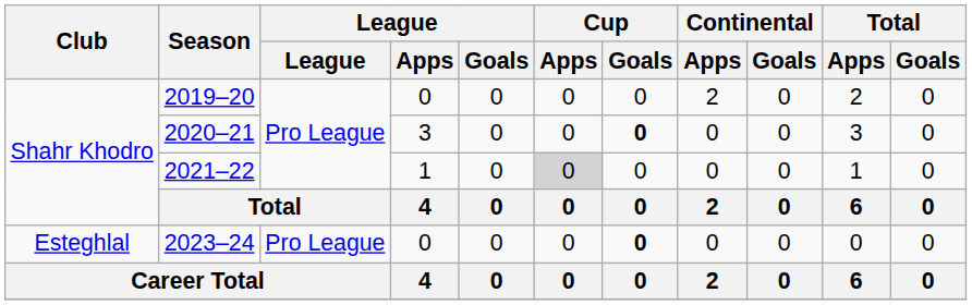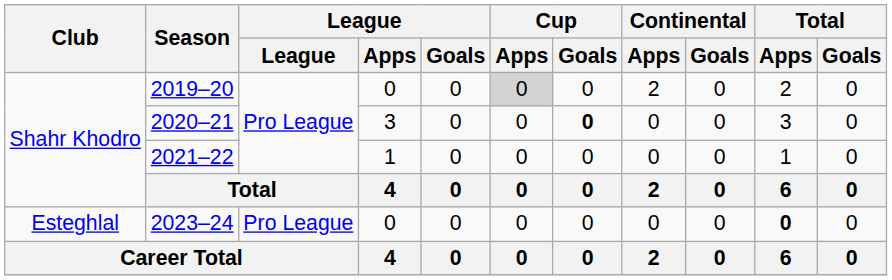 <table class="wikitable"style="text-align: center;">
 <tr>
 <th rowspan=2>Club</th>
 <th rowspan=2>Season</th>
 <th Colspan=3>League</th>
 <th Colspan=2>Cup</th>
 <th Colspan=2>Continental</th>
 <th Colspan="2">Total</th>
 </tr>
 <tr>
 <th>League</th>
 <th>Apps</th>
 <th>Goals</th>
 <th>Apps</th>
 <th>Goals</th>
 <th>Apps</th>
 <th>Goals</th>
 <th>Apps</th>
 <th>Goals</th>
 </tr>
 <tr>
 <td rowspan="4"><a href='#'>Shahr Khodro</a></td>
 <td><a href='#'>2019–20</a></td>
 <td rowspan="3"><a href='#'>Pro League</a></td>
 <td>0</td>
 <td>0</td>
-<td>0</td>
+<td style="background: lightgrey;">0</td>
 <td>0</td>
 <td>2</td>
 <td>0</td>
 <td>2</td>
 <td>0</td>
 </tr>
 <tr>
 <td><a href='#'>2020–21</a></td>
 <td>3</td>
 <td>0</td>
 <td>0</td>
 <td><strong>0</strong></td>
 <td>0</td>
 <td>0</td>
 <td>3</td>
 <td>0</td>
 </tr>
 <tr>
 <td><a href='#'>2021–22</a></td>
 <td>1</td>
 <td>0</td>
-<td style="background: lightgrey;">0</td>
+<td>0</td>
 <td>0</td>
 <td>0</td>
 <td>0</td>
 <td>1</td>
 <td>0</td>
 </tr>
 <tr>
 <th colspan=2>Total</th>
 <th>4</th>
 <th>0</th>
 <th>0</th>
 <th>0</th>
 <th>2</th>
 <th>0</th>
 <th>6</th>
 <th>0</th>
 </tr>
 <tr>
 <td><a href='#'>Esteghlal</a></td>
 <td><a href='#'>2023–24</a></td>
 <td><a href='#'>Pro League</a></td>
 <td>0</td>
 <td>0</td>
 <td>0</td>
-<td><strong>0</strong></td>
 <td>0</td>
 <td>0</td>
 <td>0</td>
+<td><strong>0</strong></td>
 <td>0</td>
 </tr>
 <tr>
 <th colspan=3>Career Total</th>
 <th>4</th>
 <th>0</th>
 <th>0</th>
 <th>0</th>
 <th>2</th>
 <th>0</th>
 <th>6</th>
 <th>0</th>
 </tr>
 <tr>
 </tr>
 </table>
